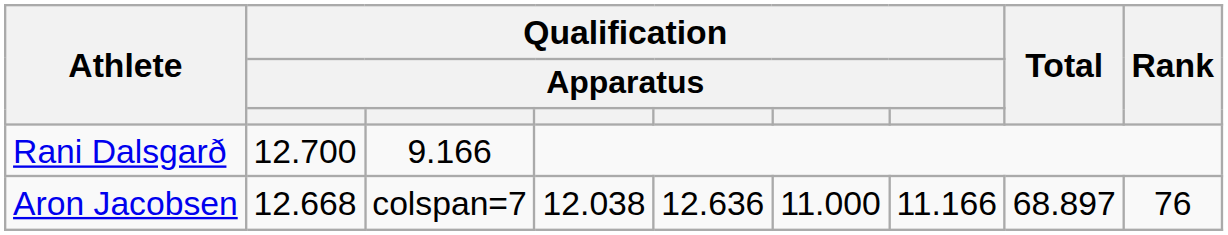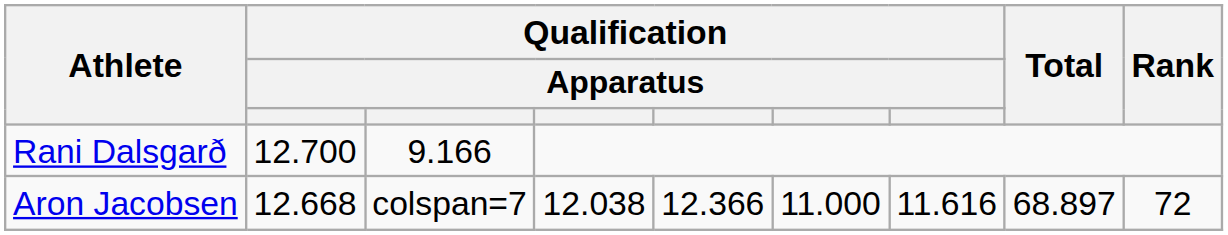 <table class="wikitable" style="font-size:90%">
 <tr>
 <th rowspan=3>Athlete</th>
 <th colspan =6>Qualification</th>
 <th rowspan=3>Total</th>
 <th rowspan=3>Rank</th>
 </tr>
 <tr style="font-size:95%">
 <th colspan=6>Apparatus</th>
 </tr>
 <tr style="font-size:95%">
 <th></th>
 <th></th>
 <th></th>
 <th></th>
 <th></th>
 <th></th>
 </tr>
 <tr align=center>
 <td align=left><a href='#'>Rani Dalsgarð</a></td>
 <td>12.700</td>
 <td>9.166</td>
 </tr>
 <tr align=center>
 <td align=left><a href='#'>Aron Jacobsen</a></td>
 <td>12.668</td>
 <td>colspan=7</td>
 <td>12.038</td>
-<td>12.636</td>
+<td>12.366</td>
 <td>11.000</td>
-<td>11.166</td>
+<td>11.616</td>
 <td>68.897</td>
-<td>76</td>
+<td>72</td>
 </tr>
 </table>
